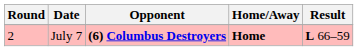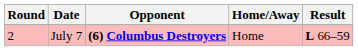 <table class="wikitable">
 <tr>
 <th>Round</th>
 <th>Date</th>
 <th>Opponent</th>
 <th>Home/Away</th>
 <th>Result</th>
 </tr>
 <tr>
 </tr>
 <tr bgcolor="ffbbbb">
 <td>2</td>
 <td>July 7</td>
 <td><strong>(6) <a href='#'>Columbus Destroyers</a></strong></td>
-<td><strong>Home</strong></td>
+<td>Home</td>
 <td><strong>L</strong> 66–59</td>
 </tr>
 </table>
